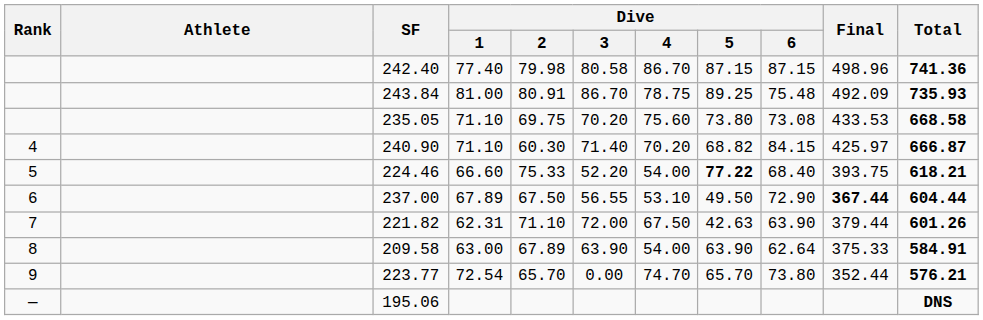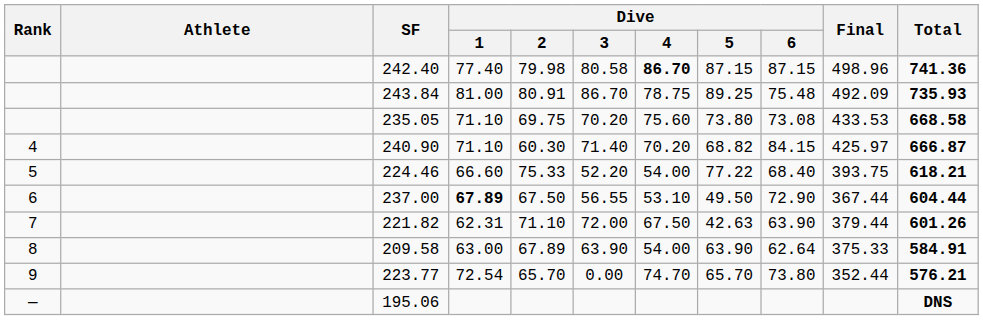 <table class=wikitable style="text-align:center">
 <tr>
 <th rowspan="2" width=40>Rank</th>
 <th rowspan="2" width=250>Athlete</th>
 <th rowspan="2" width=55>SF</th>
 <th colspan="6">Dive</th>
 <th rowspan="2" width=55>Final</th>
 <th rowspan="2" width=60>Total</th>
 </tr>
 <tr>
 <th width=45>1</th>
 <th width=45>2</th>
 <th width=45>3</th>
 <th width=45>4</th>
 <th width=45>5</th>
 <th width=45>6</th>
 </tr>
 <tr>
 <td></td>
 <td align=left></td>
 <td>242.40</td>
 <td>77.40</td>
 <td>79.98</td>
 <td>80.58</td>
-<td>86.70</td>
+<td><strong>86.70</strong></td>
 <td>87.15</td>
 <td>87.15</td>
 <td>498.96</td>
 <td><strong>741.36</strong></td>
 </tr>
 <tr>
 <td></td>
 <td align=left></td>
 <td>243.84</td>
 <td>81.00</td>
 <td>80.91</td>
 <td>86.70</td>
 <td>78.75</td>
 <td>89.25</td>
 <td>75.48</td>
 <td>492.09</td>
 <td><strong>735.93</strong></td>
 </tr>
 <tr>
 <td></td>
 <td align=left></td>
 <td>235.05</td>
 <td>71.10</td>
 <td>69.75</td>
 <td>70.20</td>
 <td>75.60</td>
 <td>73.80</td>
 <td>73.08</td>
 <td>433.53</td>
 <td><strong>668.58</strong></td>
 </tr>
 <tr>
 <td>4</td>
 <td align=left></td>
 <td>240.90</td>
 <td>71.10</td>
 <td>60.30</td>
 <td>71.40</td>
 <td>70.20</td>
 <td>68.82</td>
 <td>84.15</td>
 <td>425.97</td>
 <td><strong>666.87</strong></td>
 </tr>
 <tr>
 <td>5</td>
 <td align=left></td>
 <td>224.46</td>
 <td>66.60</td>
 <td>75.33</td>
 <td>52.20</td>
 <td>54.00</td>
-<td><strong>77.22</strong></td>
+<td>77.22</td>
 <td>68.40</td>
 <td>393.75</td>
 <td><strong>618.21</strong></td>
 </tr>
 <tr>
 <td>6</td>
 <td align=left></td>
 <td>237.00</td>
-<td>67.89</td>
+<td><strong>67.89</strong></td>
 <td>67.50</td>
 <td>56.55</td>
 <td>53.10</td>
 <td>49.50</td>
 <td>72.90</td>
-<td><strong>367.44</strong></td>
+<td>367.44</td>
 <td><strong>604.44</strong></td>
 </tr>
 <tr>
 <td>7</td>
 <td align=left></td>
 <td>221.82</td>
 <td>62.31</td>
 <td>71.10</td>
 <td>72.00</td>
 <td>67.50</td>
 <td>42.63</td>
 <td>63.90</td>
 <td>379.44</td>
 <td><strong>601.26</strong></td>
 </tr>
 <tr>
 <td>8</td>
 <td align=left></td>
 <td>209.58</td>
 <td>63.00</td>
 <td>67.89</td>
 <td>63.90</td>
 <td>54.00</td>
 <td>63.90</td>
 <td>62.64</td>
 <td>375.33</td>
 <td><strong>584.91</strong></td>
 </tr>
 <tr>
 <td>9</td>
 <td align=left></td>
 <td>223.77</td>
 <td>72.54</td>
 <td>65.70</td>
 <td>0.00</td>
 <td>74.70</td>
 <td>65.70</td>
 <td>73.80</td>
 <td>352.44</td>
 <td><strong>576.21</strong></td>
 </tr>
 <tr>
 <td>—</td>
 <td align=left></td>
 <td>195.06</td>
 <td></td>
 <td></td>
 <td></td>
 <td></td>
 <td></td>
 <td></td>
 <td></td>
 <td><strong>DNS</strong></td>
 </tr>
 </table>
